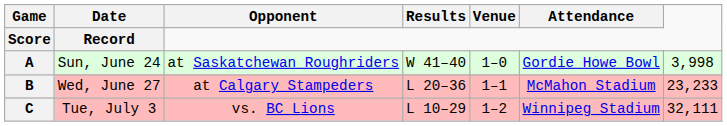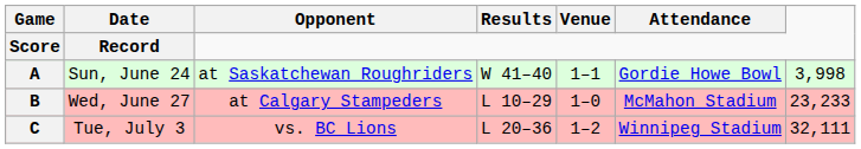 <table class="wikitable" style="text-align:center">
 <tr>
 <th>Game</th>
 <th>Date</th>
 <th>Opponent</th>
 <th>Results</th>
 <th>Venue</th>
 <th>Attendance</th>
 </tr>
 <tr>
 <th>Score</th>
 <th>Record</th>
 </tr>
 <tr style="background:#ddffdd">
 <th>A</th>
 <td>Sun, June 24</td>
 <td>at <a href='#'>Saskatchewan Roughriders</a></td>
 <td>W 41–40</td>
-<td>1–0</td>
+<td>1–1</td>
 <td><a href='#'>Gordie Howe Bowl</a></td>
 <td>3,998</td>
 </tr>
 <tr style="background:#ffbbbb">
 <th>B</th>
 <td>Wed, June 27</td>
 <td>at <a href='#'>Calgary Stampeders</a></td>
-<td>L 20–36</td>
-<td>1–1</td>
+<td>L 10–29</td>
+<td>1–0</td>
 <td><a href='#'>McMahon Stadium</a></td>
 <td>23,233</td>
 </tr>
 <tr style="background:#ffbbbb">
 <th>C</th>
 <td>Tue, July 3</td>
 <td>vs. <a href='#'>BC Lions</a></td>
-<td>L 10–29</td>
+<td>L 20–36</td>
 <td>1–2</td>
 <td><a href='#'>Winnipeg Stadium</a></td>
 <td>32,111</td>
 </tr>
 </table>
